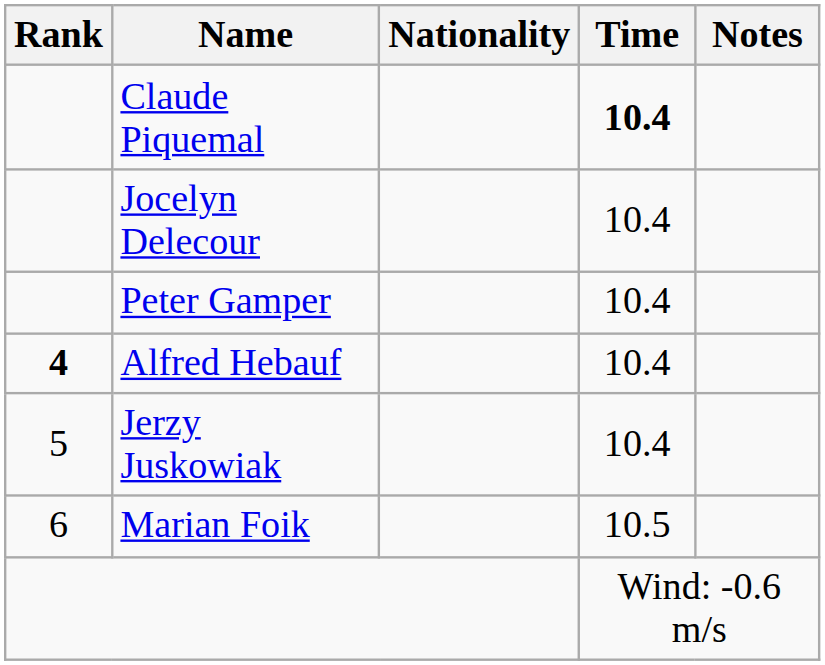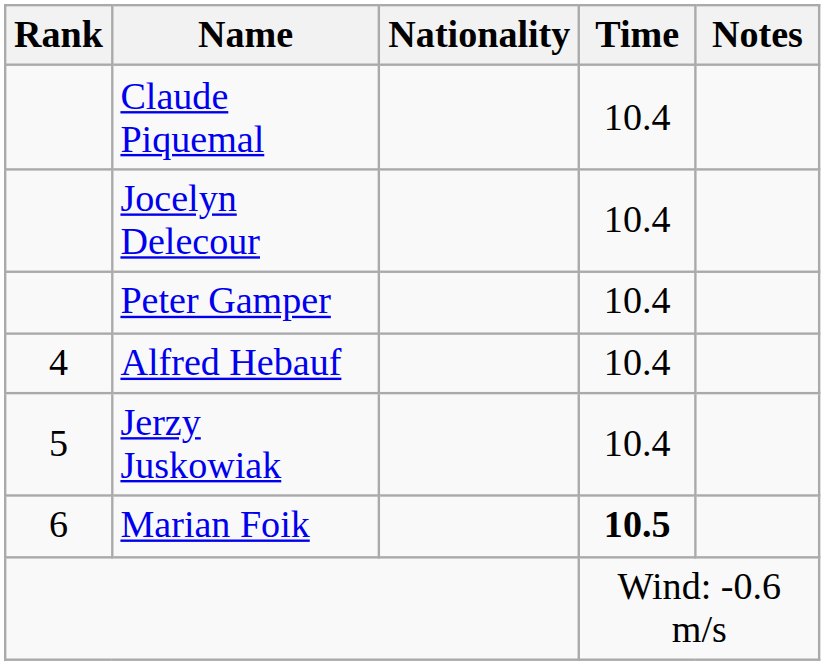 <table class="wikitable sortable" style="text-align:center;width: 55%">
 <tr>
 <th>Rank</th>
 <th>Name</th>
 <th>Nationality</th>
 <th>Time</th>
 <th>Notes</th>
 </tr>
 <tr>
 <td></td>
 <td align=left><a href='#'>Claude Piquemal</a></td>
 <td align=left></td>
-<td><strong>10.4</strong></td>
+<td>10.4</td>
 <td></td>
 </tr>
 <tr>
 <td></td>
 <td align=left><a href='#'>Jocelyn Delecour</a></td>
 <td align=left></td>
 <td>10.4</td>
 <td></td>
 </tr>
 <tr>
 <td></td>
 <td align=left><a href='#'>Peter Gamper</a></td>
 <td align=left></td>
 <td>10.4</td>
 <td></td>
 </tr>
 <tr>
-<td><strong>4</strong></td>
+<td>4</td>
 <td align=left><a href='#'>Alfred Hebauf</a></td>
 <td align=left></td>
 <td>10.4</td>
 <td></td>
 </tr>
 <tr>
 <td>5</td>
 <td align=left><a href='#'>Jerzy Juskowiak</a></td>
 <td align=left></td>
 <td>10.4</td>
 <td></td>
 </tr>
 <tr>
 <td>6</td>
 <td align=left><a href='#'>Marian Foik</a></td>
 <td align=left></td>
-<td>10.5</td>
+<td><strong>10.5</strong></td>
 <td></td>
 </tr>
 <tr>
 <td colspan="3"></td>
 <td colspan="2">Wind: -0.6 m/s</td>
 </tr>
 </table>
